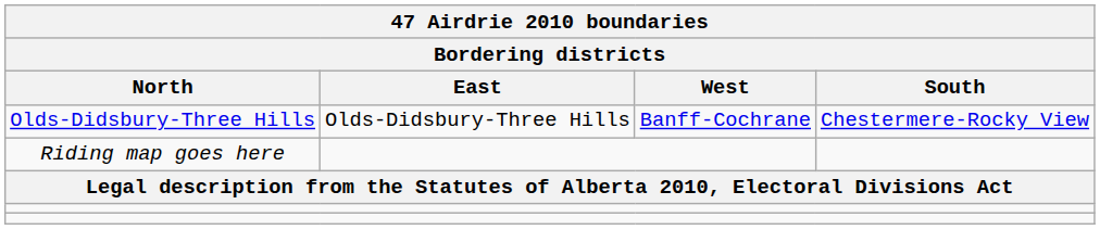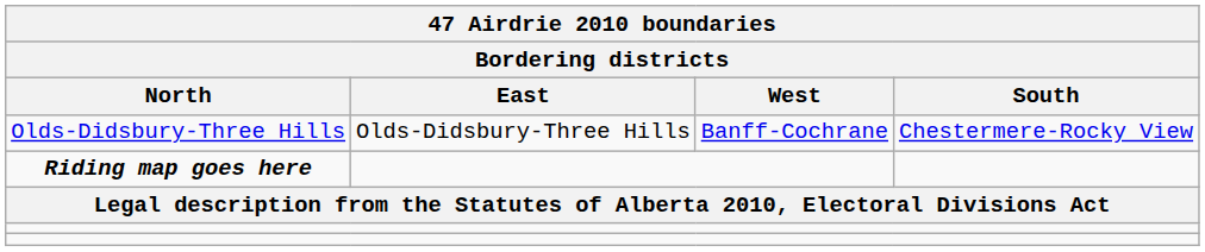 <table class="wikitable collapsible collapsed">
 <tr>
 <th colspan=4>47 Airdrie 2010 boundaries</th>
 </tr>
 <tr>
 <th colspan=4>Bordering districts</th>
 </tr>
 <tr>
 <th>North</th>
 <th>East</th>
 <th>West</th>
 <th>South</th>
 </tr>
 <tr>
 <td><a href='#'>Olds-Didsbury-Three Hills</a></td>
 <td>Olds-Didsbury-Three Hills</td>
 <td><a href='#'>Banff-Cochrane</a></td>
 <td><a href='#'>Chestermere-Rocky View</a></td>
 </tr>
 <tr>
-<td align=center><em>Riding map goes here</em></td>
+<td align=center><strong><em>Riding map goes here</em></strong></td>
 <td colspan="2" align=center></td>
 <td align=center></td>
 </tr>
 <tr>
 <th colspan=4>Legal description from the Statutes of Alberta 2010, Electoral Divisions Act</th>
 </tr>
 <tr>
 <td colspan=4></td>
 </tr>
 <tr>
 <td colspan=4></td>
 </tr>
 </table>
